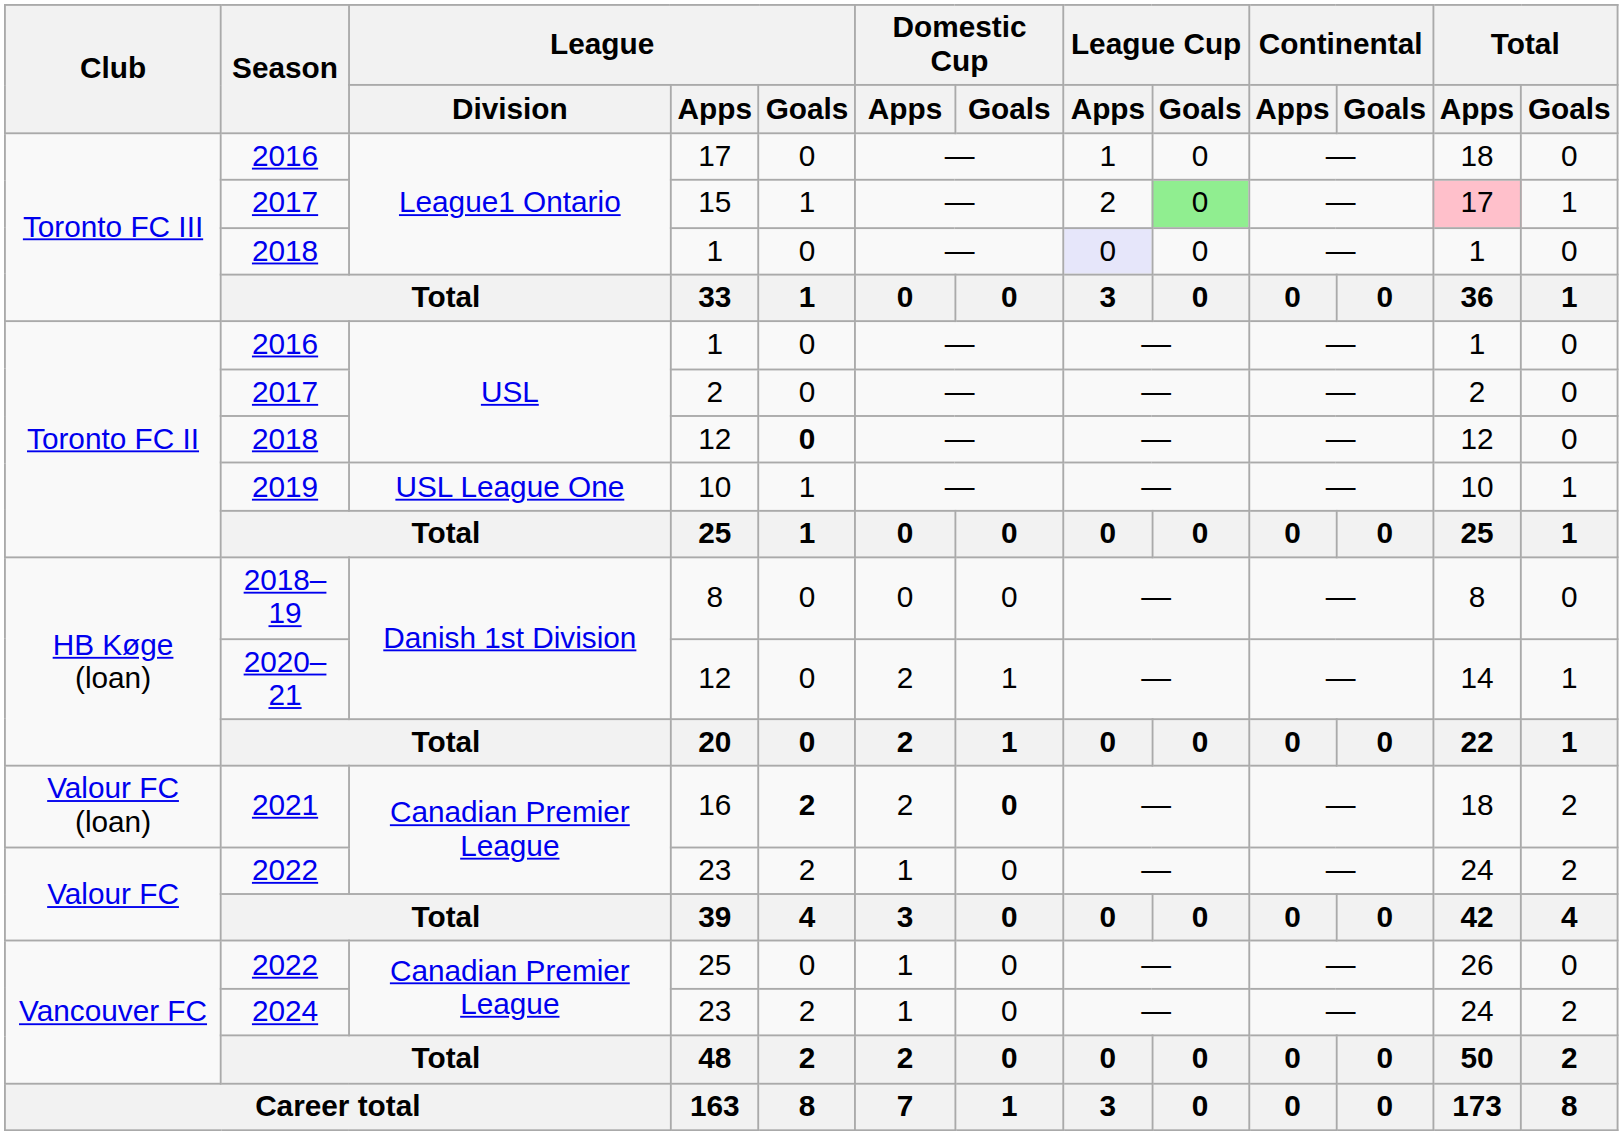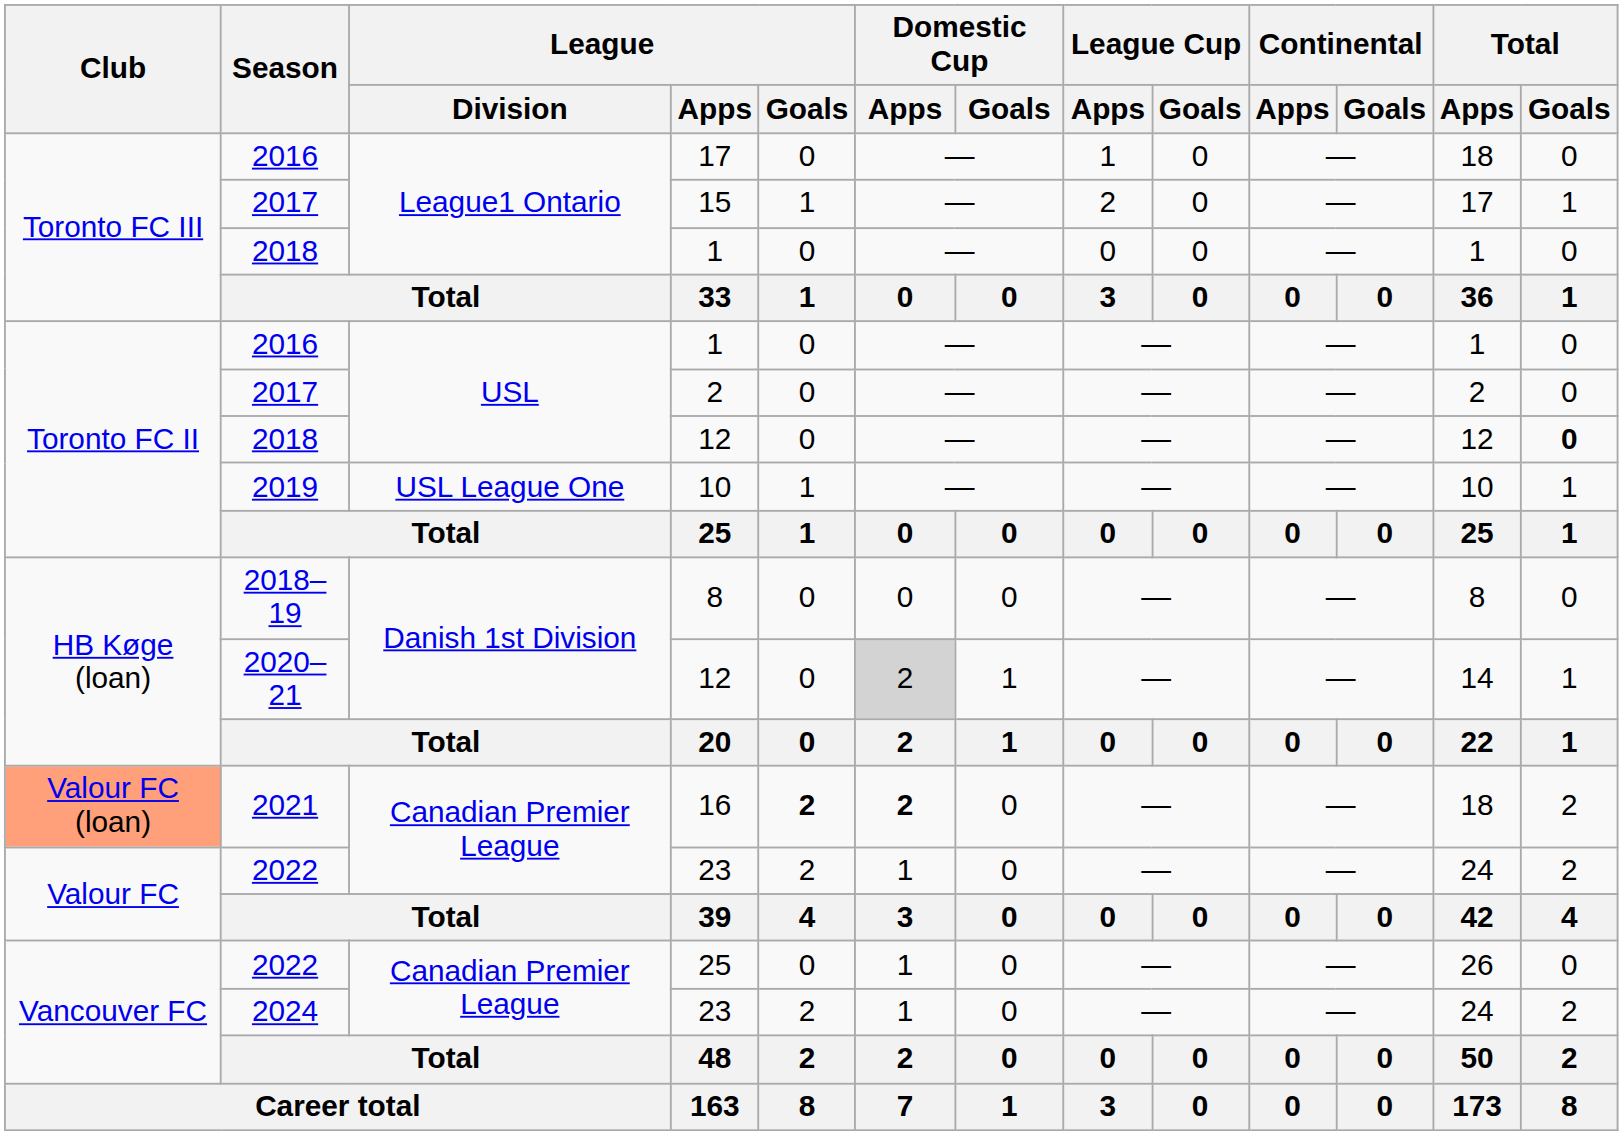 <table class="wikitable" style="text-align: center;">
 <tr>
 <th rowspan="2">Club</th>
 <th rowspan="2">Season</th>
 <th colspan="3">League</th>
 <th colspan="2">Domestic Cup</th>
 <th colspan="2">League Cup</th>
 <th colspan="2">Continental</th>
 <th colspan="2">Total</th>
 </tr>
 <tr>
 <th>Division</th>
 <th>Apps</th>
 <th>Goals</th>
 <th>Apps</th>
 <th>Goals</th>
 <th>Apps</th>
 <th>Goals</th>
 <th>Apps</th>
 <th>Goals</th>
 <th>Apps</th>
 <th>Goals</th>
 </tr>
 <tr>
 <td rowspan="4"><a href='#'>Toronto FC III</a></td>
 <td><a href='#'>2016</a></td>
 <td rowspan="3"><a href='#'>League1 Ontario</a></td>
 <td>17</td>
 <td>0</td>
 <td colspan="2">—</td>
 <td>1</td>
 <td>0</td>
 <td colspan="2">—</td>
 <td>18</td>
 <td>0</td>
 </tr>
 <tr>
 <td><a href='#'>2017</a></td>
 <td>15</td>
 <td>1</td>
 <td colspan="2">—</td>
 <td>2</td>
-<td style="background: lightgreen;">0</td>
+<td>0</td>
 <td colspan="2">—</td>
-<td style="background: pink;">17</td>
+<td>17</td>
 <td>1</td>
 </tr>
 <tr>
 <td><a href='#'>2018</a></td>
 <td>1</td>
 <td>0</td>
 <td colspan="2">—</td>
-<td style="background: lavender;">0</td>
+<td>0</td>
 <td>0</td>
 <td colspan="2">—</td>
 <td>1</td>
 <td>0</td>
 </tr>
 <tr>
 <th colspan="2">Total</th>
 <th>33</th>
 <th>1</th>
 <th>0</th>
 <th>0</th>
 <th>3</th>
 <th>0</th>
 <th>0</th>
 <th>0</th>
 <th>36</th>
 <th>1</th>
 </tr>
 <tr>
 <td rowspan="5"><a href='#'>Toronto FC II</a></td>
 <td><a href='#'>2016</a></td>
 <td rowspan="3"><a href='#'>USL</a></td>
 <td>1</td>
 <td>0</td>
 <td colspan="2">—</td>
 <td colspan="2">—</td>
 <td colspan="2">—</td>
 <td>1</td>
 <td>0</td>
 </tr>
 <tr>
 <td><a href='#'>2017</a></td>
 <td>2</td>
 <td>0</td>
 <td colspan="2">—</td>
 <td colspan="2">—</td>
 <td colspan="2">—</td>
 <td>2</td>
 <td>0</td>
 </tr>
 <tr>
 <td><a href='#'>2018</a></td>
 <td>12</td>
-<td><strong>0</strong></td>
+<td>0</td>
 <td colspan="2">—</td>
 <td colspan="2">—</td>
 <td colspan="2">—</td>
 <td>12</td>
-<td>0</td>
+<td><strong>0</strong></td>
 </tr>
 <tr>
 <td><a href='#'>2019</a></td>
 <td><a href='#'>USL League One</a></td>
 <td>10</td>
 <td>1</td>
 <td colspan="2">—</td>
 <td colspan="2">—</td>
 <td colspan="2">—</td>
 <td>10</td>
 <td>1</td>
 </tr>
 <tr>
 <th colspan="2">Total</th>
 <th>25</th>
 <th>1</th>
 <th>0</th>
 <th>0</th>
 <th>0</th>
 <th>0</th>
 <th>0</th>
 <th>0</th>
 <th>25</th>
 <th>1</th>
 </tr>
 <tr>
 <td rowspan="3"><a href='#'>HB Køge</a> (loan)</td>
 <td><a href='#'>2018–19</a></td>
 <td rowspan="2"><a href='#'>Danish 1st Division</a></td>
 <td>8</td>
 <td>0</td>
 <td>0</td>
 <td>0</td>
 <td colspan="2">—</td>
 <td colspan="2">—</td>
 <td>8</td>
 <td>0</td>
 </tr>
 <tr>
 <td><a href='#'>2020–21</a></td>
 <td>12</td>
 <td>0</td>
-<td>2</td>
+<td style="background: lightgrey;">2</td>
 <td>1</td>
 <td colspan="2">—</td>
 <td colspan="2">—</td>
 <td>14</td>
 <td>1</td>
 </tr>
 <tr>
 <th colspan="2">Total</th>
 <th>20</th>
 <th>0</th>
 <th>2</th>
 <th>1</th>
 <th>0</th>
 <th>0</th>
 <th>0</th>
 <th>0</th>
 <th>22</th>
 <th>1</th>
 </tr>
 <tr>
-<td><a href='#'>Valour FC</a> (loan)</td>
+<td style="background: lightsalmon;"><a href='#'>Valour FC</a> (loan)</td>
 <td><a href='#'>2021</a></td>
 <td rowspan="2"><a href='#'>Canadian Premier League</a></td>
 <td>16</td>
 <td><strong>2</strong></td>
-<td>2</td>
-<td><strong>0</strong></td>
+<td><strong>2</strong></td>
+<td>0</td>
 <td colspan="2">—</td>
 <td colspan="2">—</td>
 <td>18</td>
 <td>2</td>
 </tr>
 <tr>
 <td rowspan="2"><a href='#'>Valour FC</a></td>
 <td><a href='#'>2022</a></td>
 <td>23</td>
 <td>2</td>
 <td>1</td>
 <td>0</td>
 <td colspan="2">—</td>
 <td colspan="2">—</td>
 <td>24</td>
 <td>2</td>
 </tr>
 <tr>
 <th colspan="2">Total</th>
 <th>39</th>
 <th>4</th>
 <th>3</th>
 <th>0</th>
 <th>0</th>
 <th>0</th>
 <th>0</th>
 <th>0</th>
 <th>42</th>
 <th>4</th>
 </tr>
 <tr>
 <td rowspan="3"><a href='#'>Vancouver FC</a></td>
 <td><a href='#'>2022</a></td>
 <td rowspan="2"><a href='#'>Canadian Premier League</a></td>
 <td>25</td>
 <td>0</td>
 <td>1</td>
 <td>0</td>
 <td colspan="2">—</td>
 <td colspan="2">—</td>
 <td>26</td>
 <td>0</td>
 </tr>
 <tr>
 <td><a href='#'>2024</a></td>
 <td>23</td>
 <td>2</td>
 <td>1</td>
 <td>0</td>
 <td colspan="2">—</td>
 <td colspan="2">—</td>
 <td>24</td>
 <td>2</td>
 </tr>
 <tr>
 <th colspan="2">Total</th>
 <th>48</th>
 <th>2</th>
 <th>2</th>
 <th>0</th>
 <th>0</th>
 <th>0</th>
 <th>0</th>
 <th>0</th>
 <th>50</th>
 <th>2</th>
 </tr>
 <tr>
 <th colspan="3">Career total</th>
 <th>163</th>
 <th>8</th>
 <th>7</th>
 <th>1</th>
 <th>3</th>
 <th>0</th>
 <th>0</th>
 <th>0</th>
 <th>173</th>
 <th>8</th>
 </tr>
 </table>
